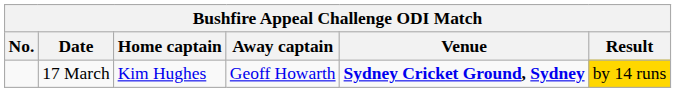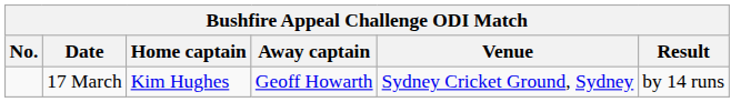 <table class="wikitable">
 <tr>
 <th colspan="9">Bushfire Appeal Challenge ODI Match</th>
 </tr>
 <tr>
 <th>No.</th>
 <th>Date</th>
 <th>Home captain</th>
 <th>Away captain</th>
 <th>Venue</th>
 <th>Result</th>
 </tr>
 <tr>
 <td></td>
 <td>17 March</td>
 <td><a href='#'>Kim Hughes</a></td>
 <td><a href='#'>Geoff Howarth</a></td>
-<td><strong><a href='#'>Sydney Cricket Ground</a>, <a href='#'>Sydney</a></strong></td>
-<td style="background: gold;"> by 14 runs</td>
+<td><a href='#'>Sydney Cricket Ground</a>, <a href='#'>Sydney</a></td>
+<td> by 14 runs</td>
 </tr>
 </table>
